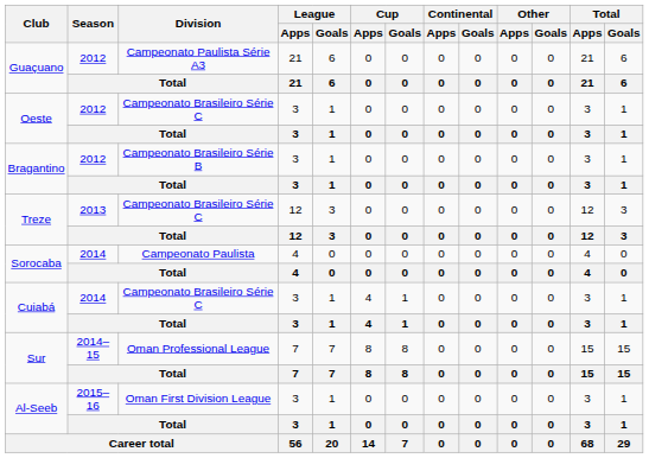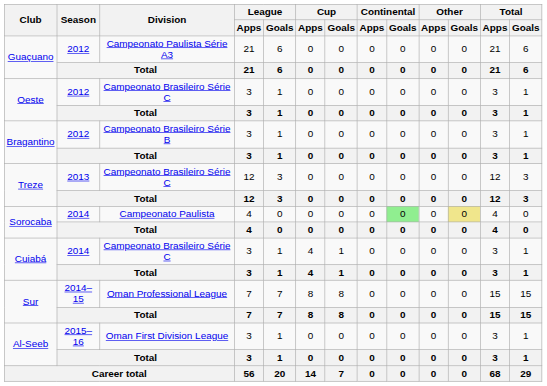 <table class="wikitable" style="text-align: center;">
 <tr>
 <th rowspan="2">Club</th>
 <th rowspan="2">Season</th>
 <th rowspan="2">Division</th>
 <th colspan="2">League</th>
 <th colspan="2">Cup</th>
 <th colspan="2">Continental</th>
 <th colspan="2">Other</th>
 <th colspan="2">Total</th>
 </tr>
 <tr>
 <th>Apps</th>
 <th>Goals</th>
 <th>Apps</th>
 <th>Goals</th>
 <th>Apps</th>
 <th>Goals</th>
 <th>Apps</th>
 <th>Goals</th>
 <th>Apps</th>
 <th>Goals</th>
 </tr>
 <tr>
 <td rowspan="2"><a href='#'>Guaçuano</a></td>
 <td><a href='#'>2012</a></td>
 <td rowspan="1"><a href='#'>Campeonato Paulista Série A3</a></td>
 <td>21</td>
 <td>6</td>
 <td>0</td>
 <td>0</td>
 <td>0</td>
 <td>0</td>
 <td>0</td>
 <td>0</td>
 <td>21</td>
 <td>6</td>
 </tr>
 <tr>
 <th colspan="2">Total</th>
 <th>21</th>
 <th>6</th>
 <th>0</th>
 <th>0</th>
 <th>0</th>
 <th>0</th>
 <th>0</th>
 <th>0</th>
 <th>21</th>
 <th>6</th>
 </tr>
 <tr>
 <td rowspan="2"><a href='#'>Oeste</a></td>
 <td><a href='#'>2012</a></td>
 <td rowspan="1"><a href='#'>Campeonato Brasileiro Série C</a></td>
 <td>3</td>
 <td>1</td>
 <td>0</td>
 <td>0</td>
 <td>0</td>
 <td>0</td>
 <td>0</td>
 <td>0</td>
 <td>3</td>
 <td>1</td>
 </tr>
 <tr>
 <th colspan="2">Total</th>
 <th>3</th>
 <th>1</th>
 <th>0</th>
 <th>0</th>
 <th>0</th>
 <th>0</th>
 <th>0</th>
 <th>0</th>
 <th>3</th>
 <th>1</th>
 </tr>
 <tr>
 <td rowspan="2"><a href='#'>Bragantino</a></td>
 <td><a href='#'>2012</a></td>
 <td rowspan="1"><a href='#'>Campeonato Brasileiro Série B</a></td>
 <td>3</td>
 <td>1</td>
 <td>0</td>
 <td>0</td>
 <td>0</td>
 <td>0</td>
 <td>0</td>
 <td>0</td>
 <td>3</td>
 <td>1</td>
 </tr>
 <tr>
 <th colspan="2">Total</th>
 <th>3</th>
 <th>1</th>
 <th>0</th>
 <th>0</th>
 <th>0</th>
 <th>0</th>
 <th>0</th>
 <th>0</th>
 <th>3</th>
 <th>1</th>
 </tr>
 <tr>
 <td rowspan="2"><a href='#'>Treze</a></td>
 <td><a href='#'>2013</a></td>
 <td rowspan="1"><a href='#'>Campeonato Brasileiro Série C</a></td>
 <td>12</td>
 <td>3</td>
 <td>0</td>
 <td>0</td>
 <td>0</td>
 <td>0</td>
 <td>0</td>
 <td>0</td>
 <td>12</td>
 <td>3</td>
 </tr>
 <tr>
 <th colspan="2">Total</th>
 <th>12</th>
 <th>3</th>
 <th>0</th>
 <th>0</th>
 <th>0</th>
 <th>0</th>
 <th>0</th>
 <th>0</th>
 <th>12</th>
 <th>3</th>
 </tr>
 <tr>
 <td rowspan="2"><a href='#'>Sorocaba</a></td>
 <td><a href='#'>2014</a></td>
 <td rowspan="1"><a href='#'>Campeonato Paulista</a></td>
 <td>4</td>
 <td>0</td>
 <td>0</td>
 <td>0</td>
 <td>0</td>
+<td style="background: lightgreen;">0</td>
 <td>0</td>
-<td>0</td>
-<td>0</td>
+<td style="background: khaki;">0</td>
 <td>4</td>
 <td>0</td>
 </tr>
 <tr>
 <th colspan="2">Total</th>
 <th>4</th>
 <th>0</th>
 <th>0</th>
 <th>0</th>
 <th>0</th>
 <th>0</th>
 <th>0</th>
 <th>0</th>
 <th>4</th>
 <th>0</th>
 </tr>
 <tr>
 <td rowspan="2"><a href='#'>Cuiabá</a></td>
 <td><a href='#'>2014</a></td>
 <td rowspan="1"><a href='#'>Campeonato Brasileiro Série C</a></td>
 <td>3</td>
 <td>1</td>
 <td>4</td>
 <td>1</td>
 <td>0</td>
 <td>0</td>
 <td>0</td>
 <td>0</td>
 <td>3</td>
 <td>1</td>
 </tr>
 <tr>
 <th colspan="2">Total</th>
 <th>3</th>
 <th>1</th>
 <th>4</th>
 <th>1</th>
 <th>0</th>
 <th>0</th>
 <th>0</th>
 <th>0</th>
 <th>3</th>
 <th>1</th>
 </tr>
 <tr>
 <td rowspan="2"><a href='#'>Sur</a></td>
 <td><a href='#'>2014–15</a></td>
 <td rowspan="1"><a href='#'>Oman Professional League</a></td>
 <td>7</td>
 <td>7</td>
 <td>8</td>
 <td>8</td>
 <td>0</td>
 <td>0</td>
 <td>0</td>
 <td>0</td>
 <td>15</td>
 <td>15</td>
 </tr>
 <tr>
 <th colspan="2">Total</th>
 <th>7</th>
 <th>7</th>
 <th>8</th>
 <th>8</th>
 <th>0</th>
 <th>0</th>
 <th>0</th>
 <th>0</th>
 <th>15</th>
 <th>15</th>
 </tr>
 <tr>
 <td rowspan="2"><a href='#'>Al-Seeb</a></td>
 <td><a href='#'>2015–16</a></td>
 <td rowspan="1"><a href='#'>Oman First Division League</a></td>
 <td>3</td>
 <td>1</td>
 <td>0</td>
 <td>0</td>
 <td>0</td>
 <td>0</td>
 <td>0</td>
 <td>0</td>
 <td>3</td>
 <td>1</td>
 </tr>
 <tr>
 <th colspan="2">Total</th>
 <th>3</th>
 <th>1</th>
 <th>0</th>
 <th>0</th>
 <th>0</th>
 <th>0</th>
 <th>0</th>
 <th>0</th>
 <th>3</th>
 <th>1</th>
 </tr>
 <tr>
 <th colspan="3">Career total</th>
 <th>56</th>
 <th>20</th>
 <th>14</th>
 <th>7</th>
 <th>0</th>
 <th>0</th>
 <th>0</th>
 <th>0</th>
 <th>68</th>
 <th>29</th>
 </tr>
 </table>
